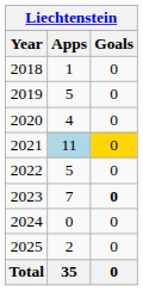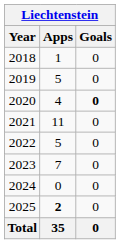 <table class="wikitable" style="text-align:center">
 <tr>
 <th colspan=3><a href='#'>Liechtenstein</a></th>
 </tr>
 <tr>
 <th>Year</th>
 <th>Apps</th>
 <th>Goals</th>
 </tr>
 <tr>
 <td>2018</td>
 <td>1</td>
 <td>0</td>
 </tr>
 <tr>
 <td>2019</td>
 <td>5</td>
 <td>0</td>
 </tr>
 <tr>
 <td>2020</td>
 <td>4</td>
-<td>0</td>
+<td><strong>0</strong></td>
 </tr>
 <tr>
 <td>2021</td>
-<td style="background: lightblue;">11</td>
-<td style="background: gold;">0</td>
+<td>11</td>
+<td>0</td>
 </tr>
 <tr>
 <td>2022</td>
 <td>5</td>
 <td>0</td>
 </tr>
 <tr>
 <td>2023</td>
 <td>7</td>
-<td><strong>0</strong></td>
+<td>0</td>
 </tr>
 <tr>
 <td>2024</td>
 <td>0</td>
 <td>0</td>
 </tr>
 <tr>
 <td>2025</td>
-<td>2</td>
+<td><strong>2</strong></td>
 <td>0</td>
 </tr>
 <tr>
 <th>Total</th>
 <th>35</th>
 <th>0</th>
 </tr>
 </table>
